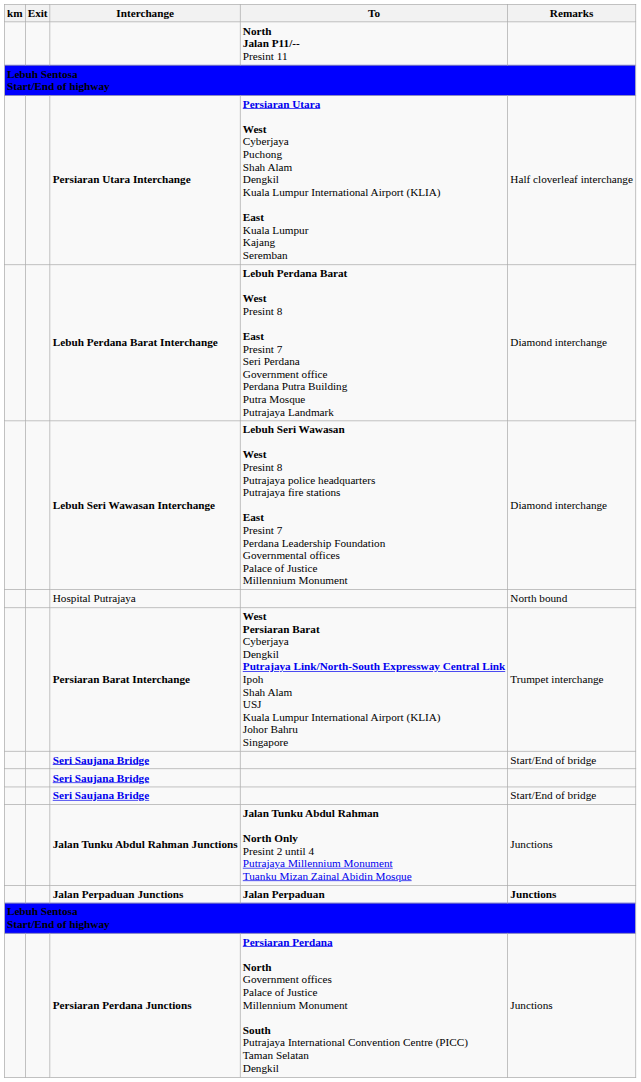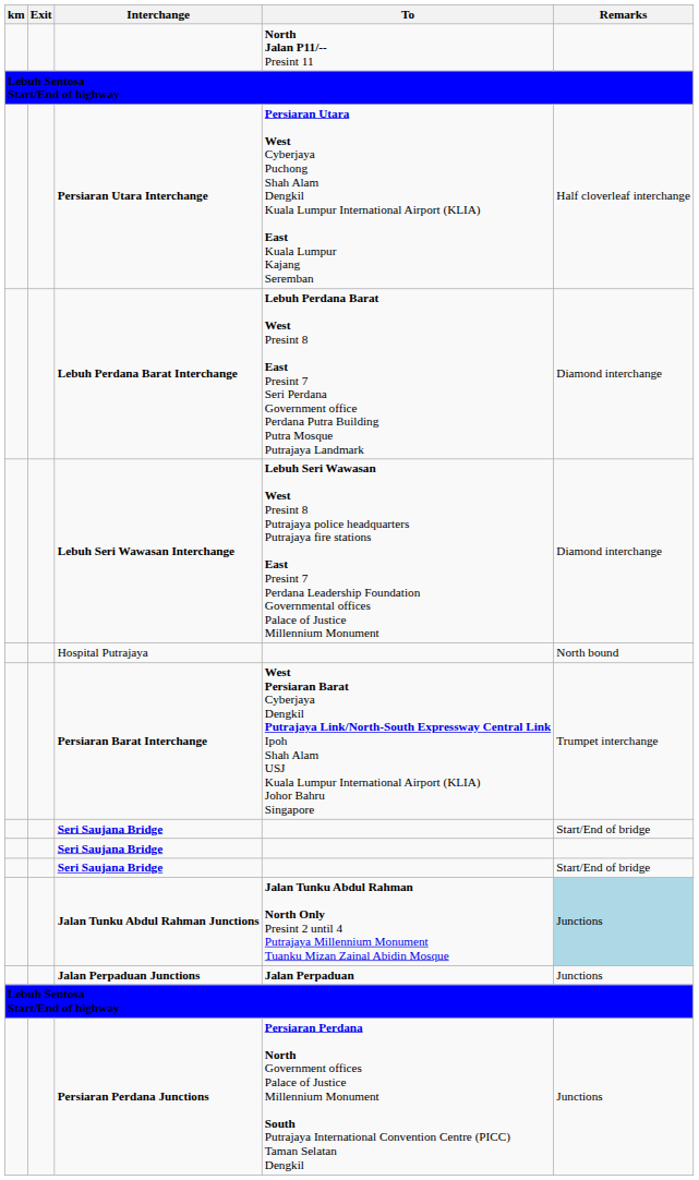 <table class="wikitable">
 <tr>
 <th>km</th>
 <th>Exit</th>
 <th>Interchange</th>
 <th>To</th>
 <th>Remarks</th>
 </tr>
 <tr>
 <td></td>
 <td></td>
 <td></td>
 <td><strong>North</strong><br><strong>Jalan P11/--</strong><br>Presint 11</td>
 <td></td>
 </tr>
 <tr>
 <td style="width:600px" colspan="6" style="text-align:center" bgcolor="blue"><strong><span>Lebuh Sentosa<br>Start/End of highway</span></strong></td>
 </tr>
 <tr>
 <td></td>
 <td></td>
 <td><strong>Persiaran Utara Interchange</strong></td>
 <td><strong><a href='#'>Persiaran Utara</a></strong><br><br><strong>West</strong><br>Cyberjaya<br>Puchong<br>Shah Alam<br>Dengkil<br>Kuala Lumpur International Airport (KLIA) <br><br><strong>East</strong><br>Kuala Lumpur<br>Kajang<br>Seremban</td>
 <td>Half cloverleaf interchange</td>
 </tr>
 <tr>
 <td></td>
 <td></td>
 <td><strong>Lebuh Perdana Barat Interchange</strong></td>
 <td><strong>Lebuh Perdana Barat</strong><br><br><strong>West</strong><br>Presint 8<br><br><strong>East</strong><br>Presint 7<br>Seri Perdana<br>Government office<br>Perdana Putra Building<br>Putra Mosque<br>Putrajaya Landmark</td>
 <td>Diamond interchange</td>
 </tr>
 <tr>
 <td></td>
 <td></td>
 <td><strong>Lebuh Seri Wawasan Interchange</strong></td>
 <td><strong>Lebuh Seri Wawasan</strong><br><br><strong>West</strong><br>Presint 8<br>Putrajaya police headquarters<br>Putrajaya fire stations<br><br><strong>East</strong><br>Presint 7<br>Perdana Leadership Foundation<br>Governmental offices<br>Palace of Justice<br>Millennium Monument</td>
 <td>Diamond interchange</td>
 </tr>
 <tr>
 <td></td>
 <td></td>
 <td>Hospital Putrajaya </td>
 <td></td>
 <td>North bound</td>
 </tr>
 <tr>
 <td></td>
 <td></td>
 <td><strong>Persiaran Barat Interchange</strong></td>
 <td><strong>West</strong><br><strong>Persiaran Barat</strong><br>Cyberjaya<br>Dengkil<br> <strong><a href='#'>Putrajaya Link/North-South Expressway Central Link</a></strong><br>Ipoh<br>Shah Alam<br>USJ<br>Kuala Lumpur International Airport (KLIA) <br>Johor Bahru<br>Singapore</td>
 <td>Trumpet interchange</td>
 </tr>
 <tr>
 <td></td>
 <td></td>
 <td><strong><a href='#'>Seri Saujana Bridge</a></strong></td>
 <td></td>
 <td>Start/End of bridge</td>
 </tr>
 <tr>
 <td></td>
 <td></td>
 <td><strong><a href='#'>Seri Saujana Bridge</a></strong></td>
 <td></td>
 <td></td>
 </tr>
 <tr>
 <td></td>
 <td></td>
 <td><strong><a href='#'>Seri Saujana Bridge</a></strong></td>
 <td></td>
 <td>Start/End of bridge</td>
 </tr>
 <tr>
 <td></td>
 <td></td>
 <td><strong>Jalan Tunku Abdul Rahman Junctions</strong></td>
 <td><strong>Jalan Tunku Abdul Rahman</strong><br><br><strong>North Only</strong><br>Presint 2 until 4<br><a href='#'>Putrajaya Millennium Monument</a><br><a href='#'>Tuanku Mizan Zainal Abidin Mosque</a></td>
-<td>Junctions</td>
+<td style="background: lightblue;">Junctions</td>
 </tr>
 <tr>
 <td></td>
 <td></td>
 <td><strong>Jalan Perpaduan Junctions</strong></td>
 <td><strong>Jalan Perpaduan</strong></td>
-<td><strong>Junctions</strong></td>
+<td>Junctions</td>
 </tr>
 <tr>
 <td style="width:600px" colspan="6" style="text-align:center" bgcolor="blue"><strong><span>Lebuh Sentosa<br>Start/End of highway</span></strong></td>
 </tr>
 <tr>
 <td></td>
 <td></td>
 <td><strong>Persiaran Perdana Junctions</strong></td>
 <td><strong><a href='#'>Persiaran Perdana</a></strong><br><br><strong>North</strong><br>Government offices<br>Palace of Justice<br>Millennium Monument<br><br><strong>South</strong><br>Putrajaya International Convention Centre (PICC)<br>Taman Selatan<br>Dengkil</td>
 <td>Junctions</td>
 </tr>
 </table>
